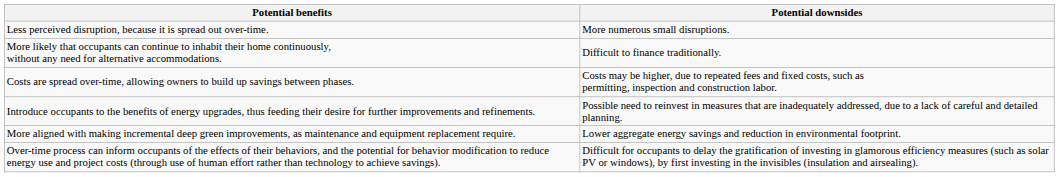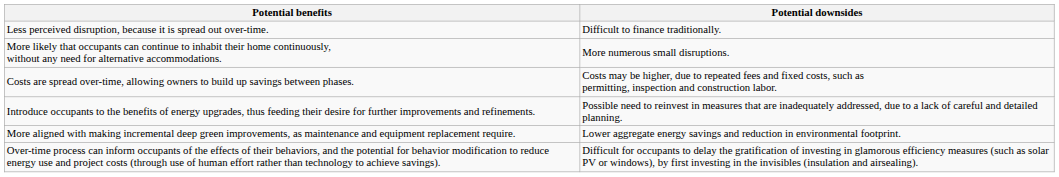 <table class="wikitable">
 <tr>
 <th>Potential benefits</th>
 <th>Potential downsides</th>
 </tr>
 <tr>
 <td>Less perceived disruption, because it is spread out over-time.</td>
-<td>More numerous small disruptions.</td>
+<td>Difficult to finance traditionally.</td>
 </tr>
 <tr>
 <td>More likely that occupants can continue to inhabit their home continuously,<br>without any need for alternative accommodations.</td>
-<td>Difficult to finance traditionally.</td>
+<td>More numerous small disruptions.</td>
 </tr>
 <tr>
 <td>Costs are spread over-time, allowing owners to build up savings between phases.</td>
 <td>Costs may be higher, due to repeated fees and fixed costs, such as<br>permitting, inspection and construction labor.</td>
 </tr>
 <tr>
 <td>Introduce occupants to the benefits of energy upgrades, thus feeding their desire for further improvements and refinements.</td>
 <td>Possible need to reinvest in measures that are inadequately addressed, due to a lack of careful and detailed planning.</td>
 </tr>
 <tr>
 <td>More aligned with making incremental deep green improvements, as maintenance and equipment replacement require.</td>
 <td>Lower aggregate energy savings and reduction in environmental footprint.</td>
 </tr>
 <tr>
 <td>Over-time process can inform occupants of the effects of their behaviors, and the potential for behavior modification to reduce energy use and project costs (through use of human effort rather than technology to achieve savings).</td>
 <td>Difficult for occupants to delay the gratification of investing in glamorous efficiency measures (such as solar PV or windows), by first investing in the invisibles (insulation and airsealing).</td>
 </tr>
 </table>
